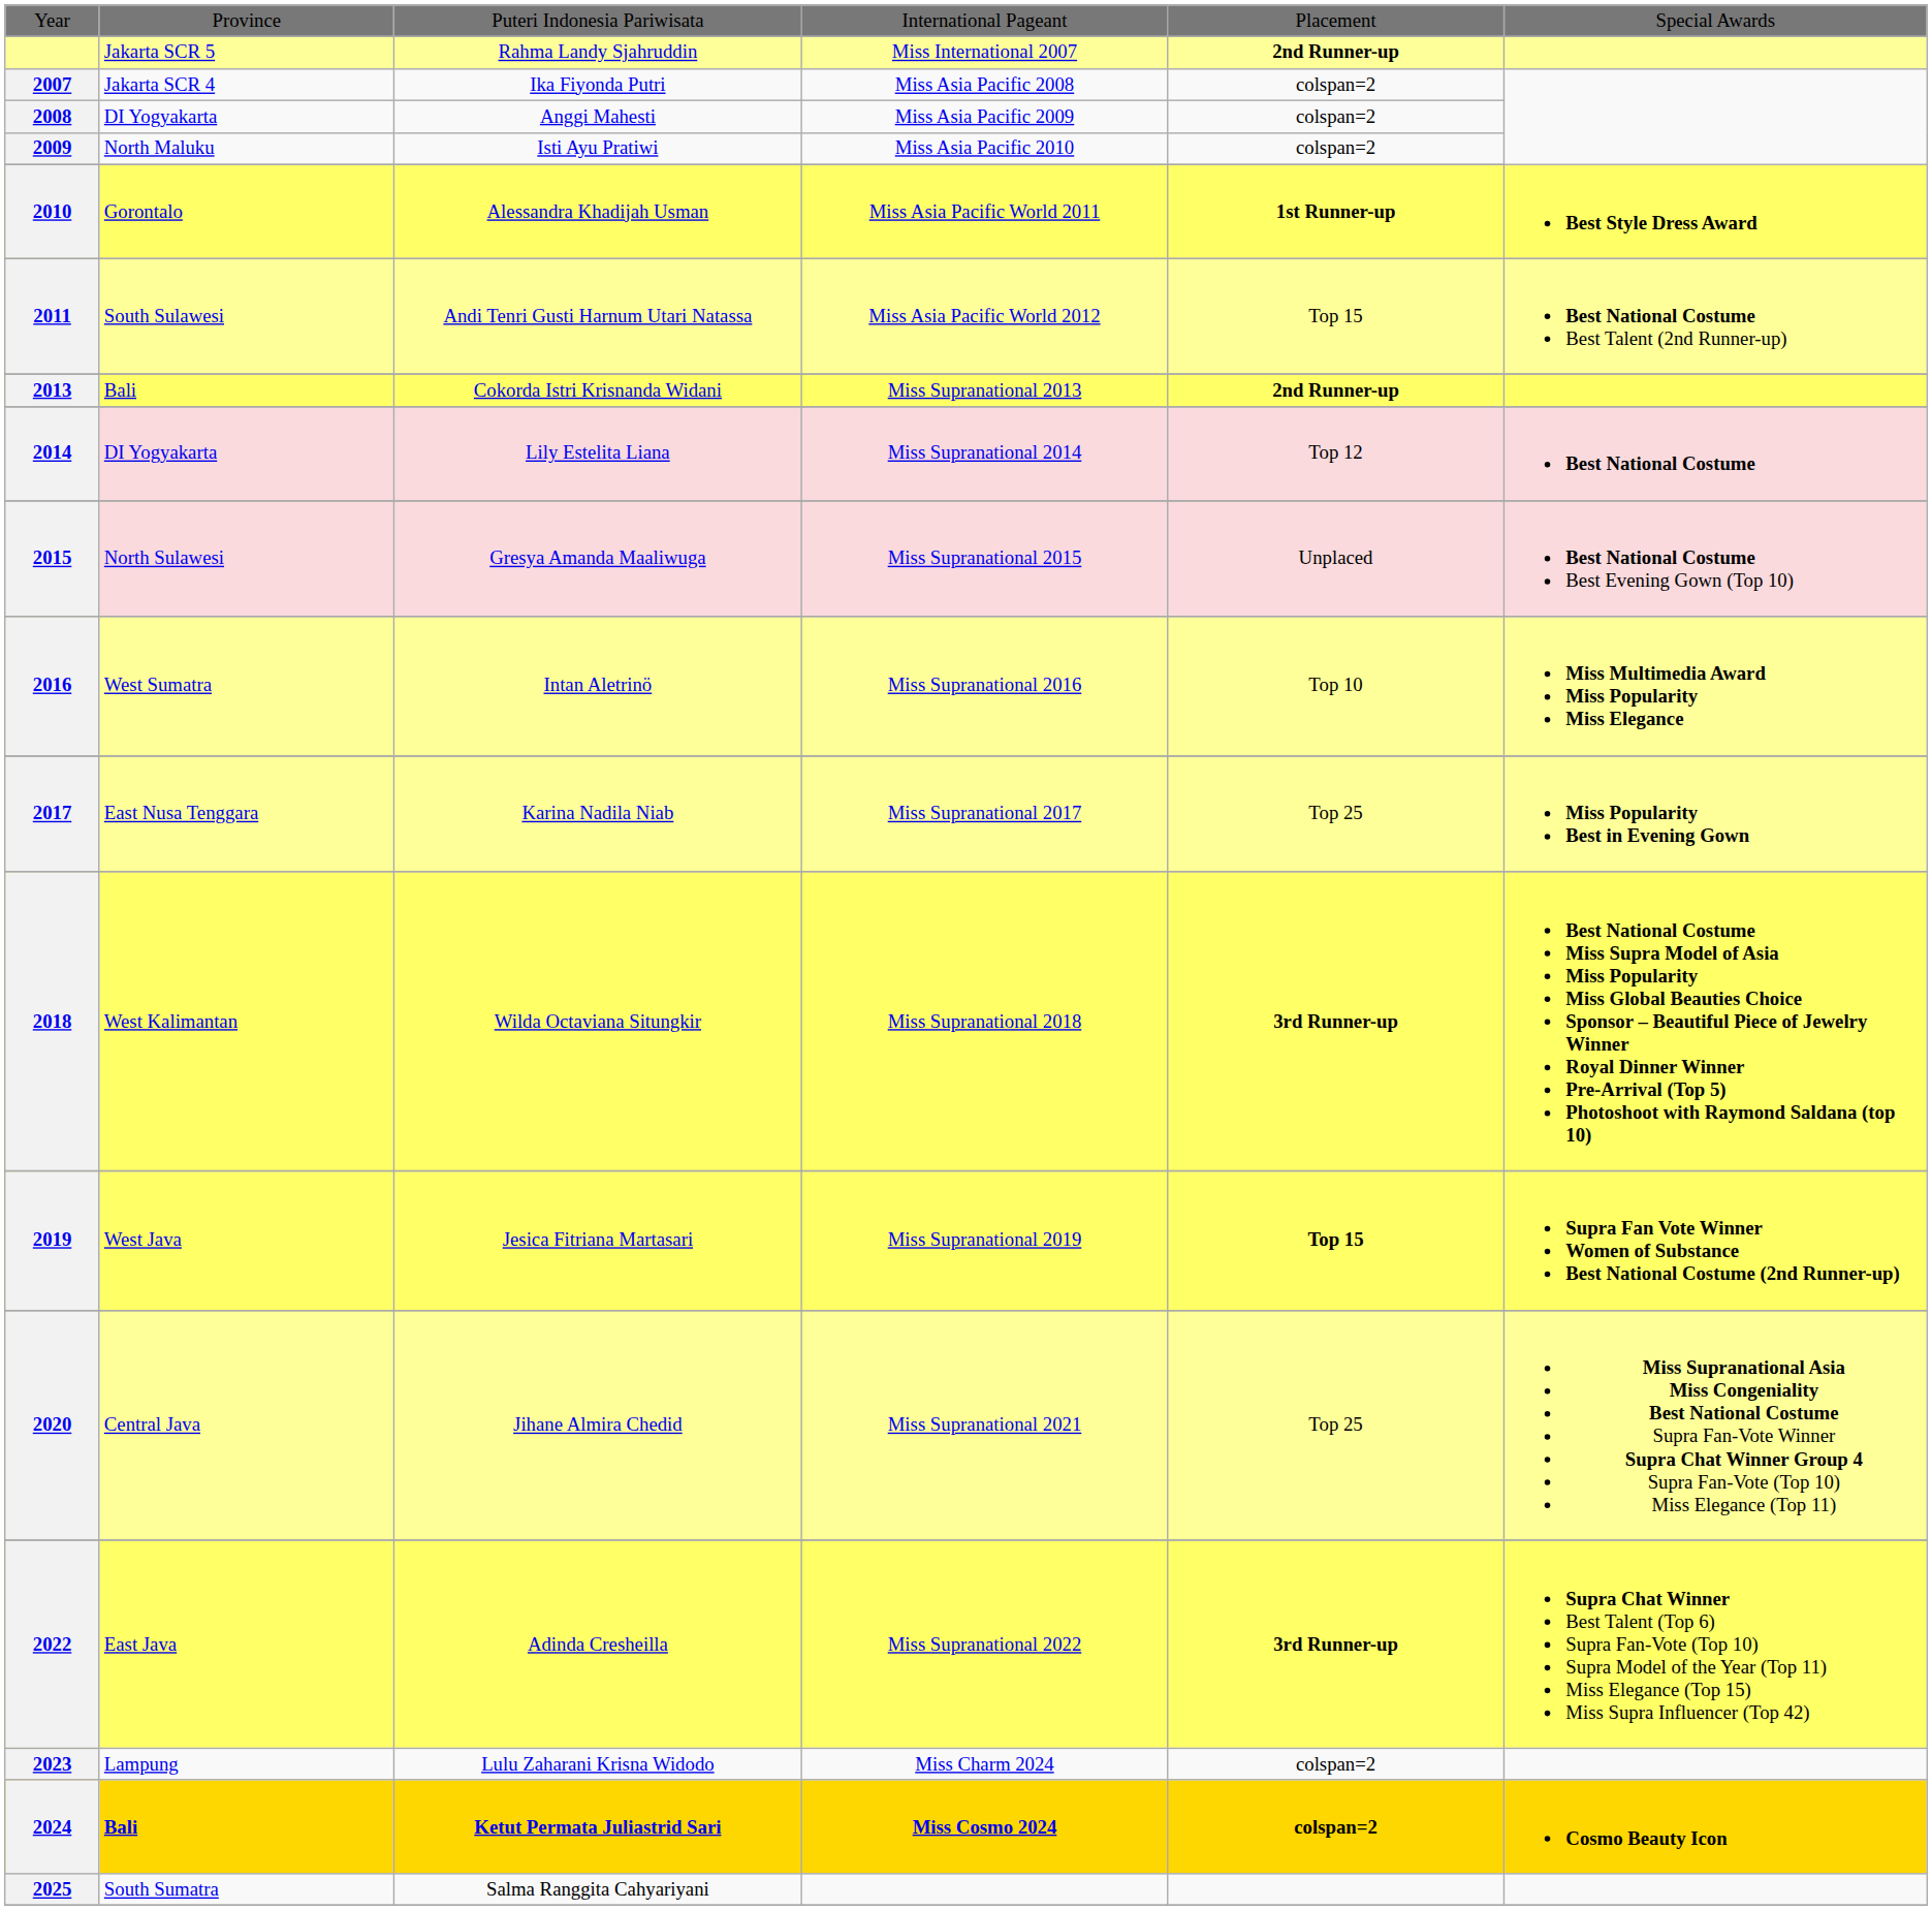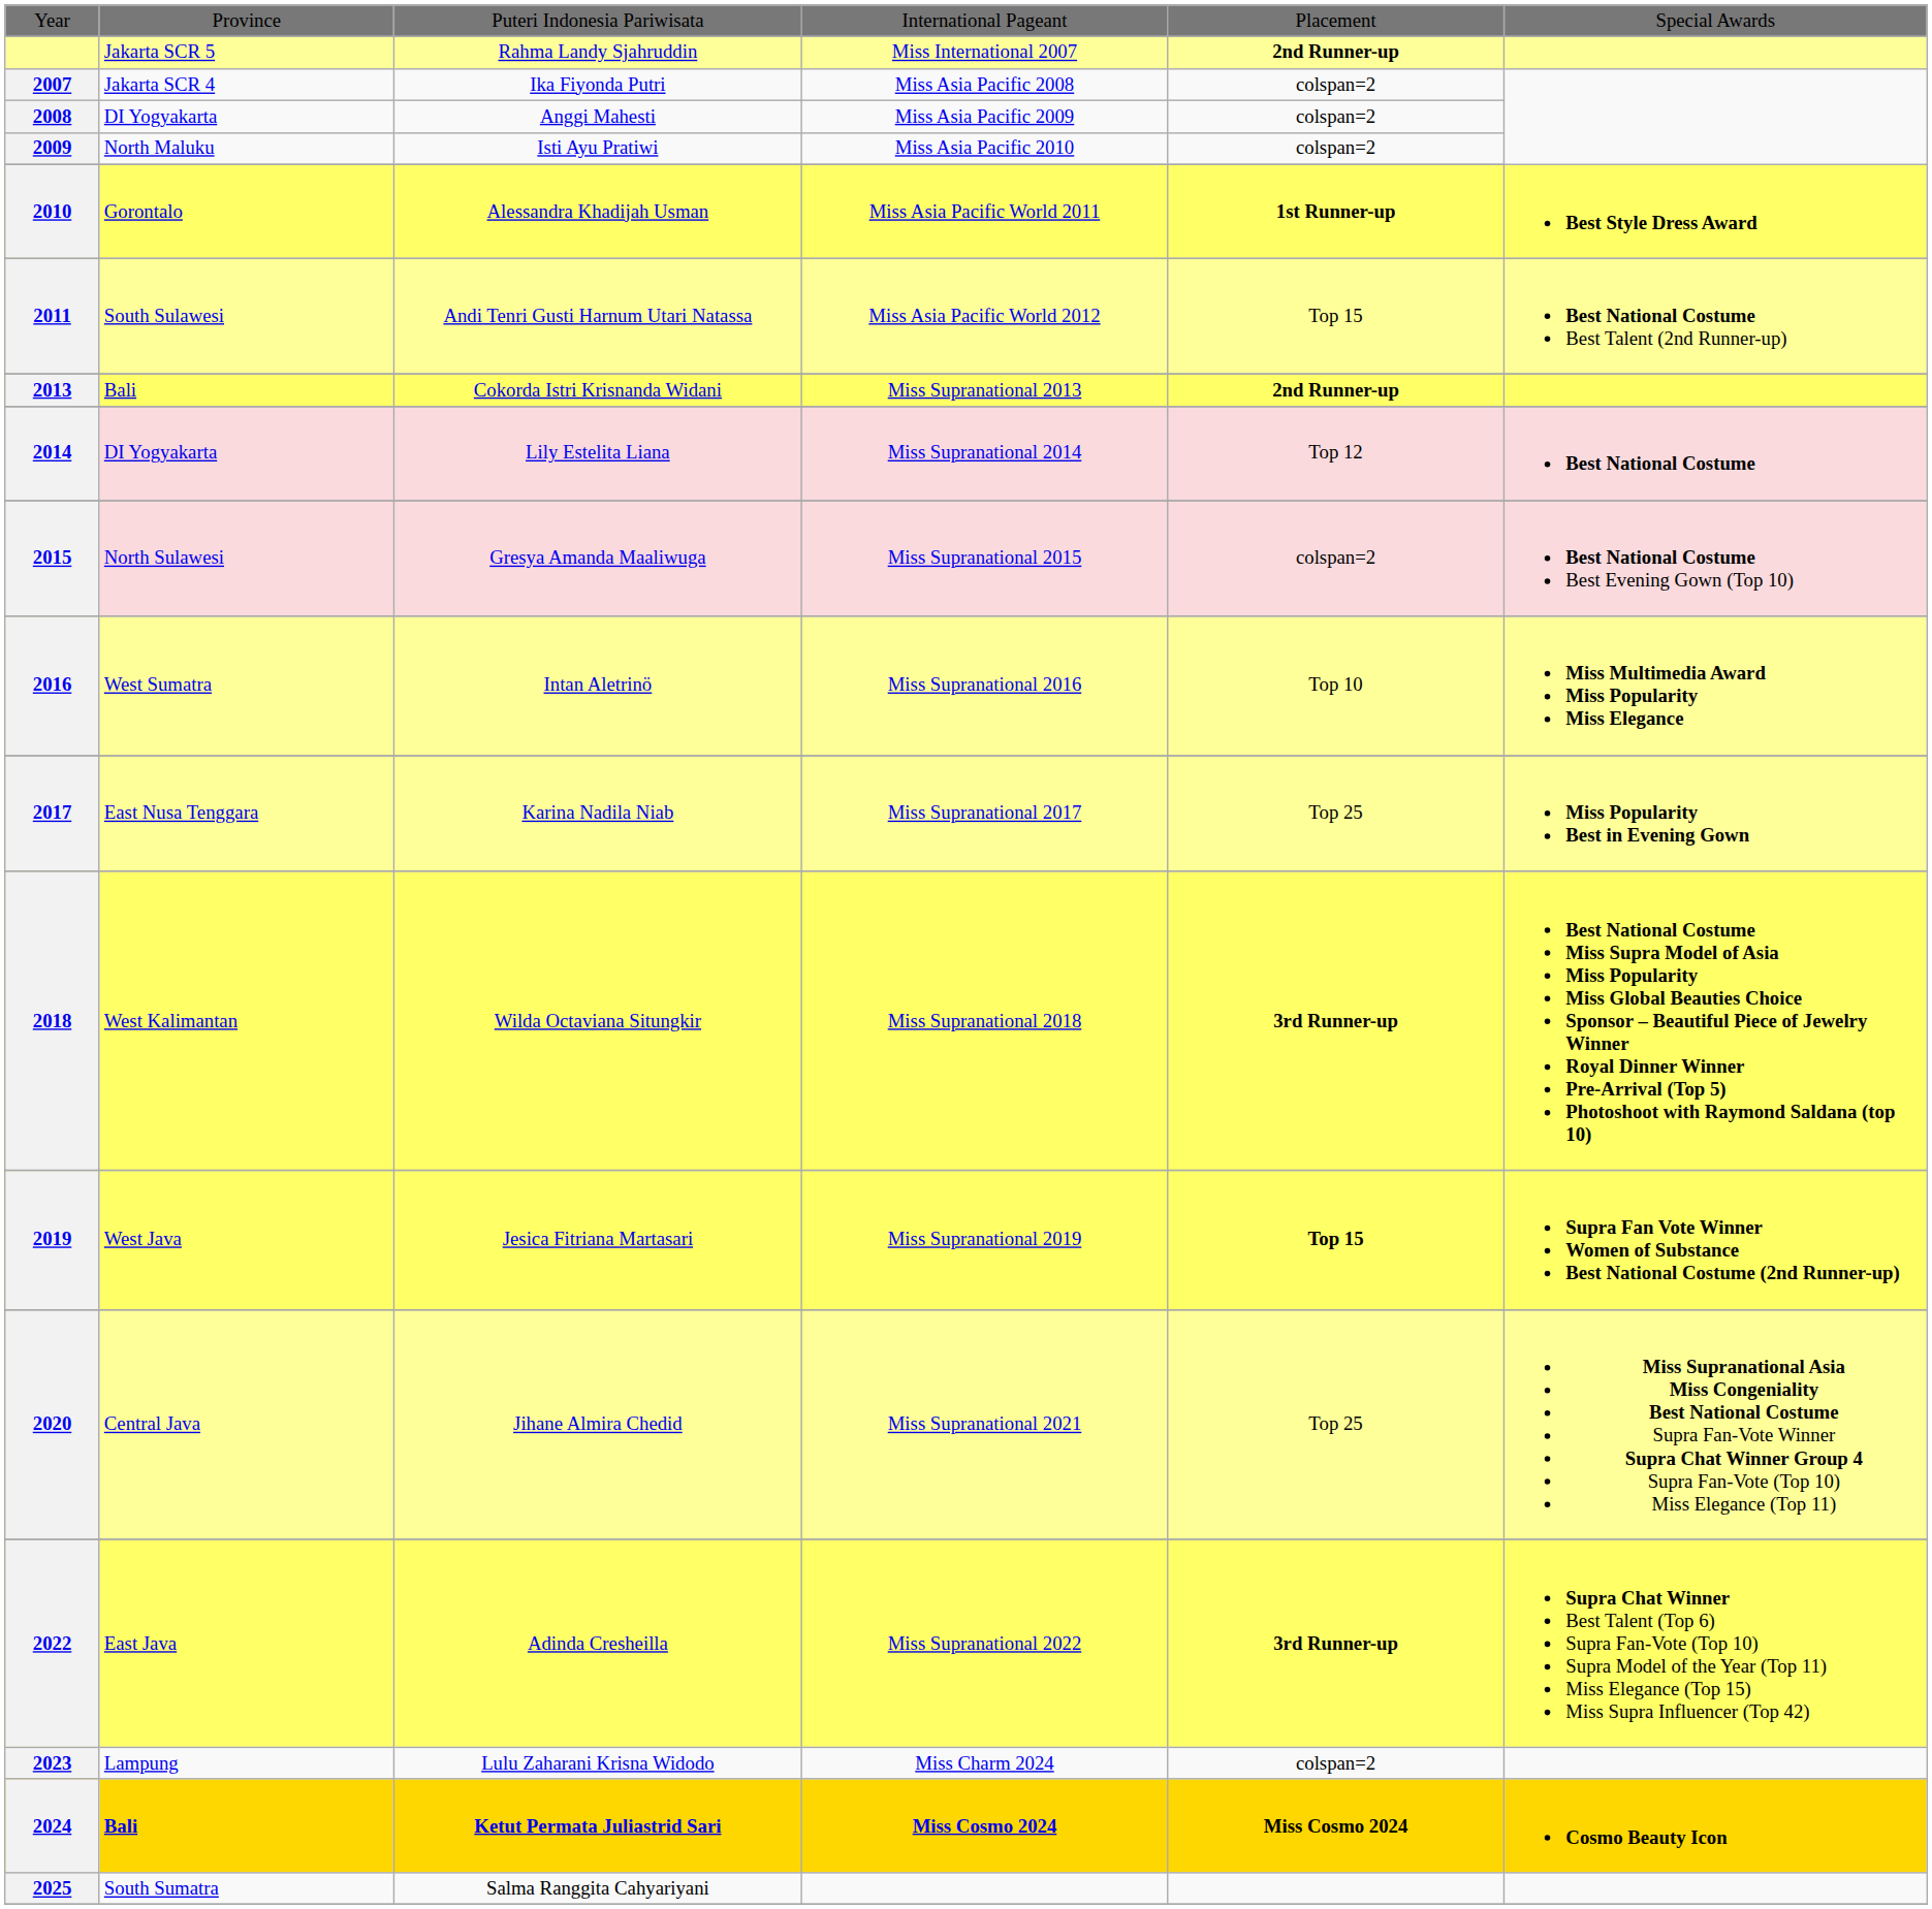 <table class="wikitable" style="font-size: 85%; text-align:center">
 <tr bgcolor="#787878" colspan=10 align="center">
 <td width="60"><span>Year</span></td>
 <td width="200"><span>Province</span></td>
 <td width="280"><span>Puteri Indonesia Pariwisata</span></td>
 <td width="250"><span>International Pageant</span></td>
 <td width="230"><span>Placement</span></td>
 <td width="290"><span>Special Awards</span></td>
 </tr>
 <tr style="background-color:#FFFF99; ">
 <td></td>
 <td align="left"><a href='#'>Jakarta SCR 5</a></td>
 <td><a href='#'>Rahma Landy Sjahruddin</a></td>
 <td><a href='#'>Miss International 2007</a></td>
 <td><strong>2nd Runner-up</strong></td>
 <td></td>
 </tr>
 <tr>
 <th><a href='#'>2007</a></th>
 <td align="left"><a href='#'>Jakarta SCR 4</a></td>
 <td><a href='#'>Ika Fiyonda Putri</a></td>
 <td><a href='#'>Miss Asia Pacific 2008</a></td>
 <td>colspan=2 </td>
 </tr>
 <tr>
 <th><a href='#'>2008</a></th>
 <td align="left"><a href='#'>DI Yogyakarta</a></td>
 <td><a href='#'>Anggi Mahesti</a></td>
 <td><a href='#'>Miss Asia Pacific 2009</a></td>
 <td>colspan=2 </td>
 </tr>
 <tr>
 <th><a href='#'>2009</a></th>
 <td align="left"><a href='#'>North Maluku</a></td>
 <td><a href='#'>Isti Ayu Pratiwi</a></td>
 <td><a href='#'>Miss Asia Pacific 2010</a></td>
 <td>colspan=2 </td>
 </tr>
 <tr>
 </tr>
 <tr styl>
 </tr>
 <tr style="background-color:#FFFF66; ">
 <th><a href='#'>2010</a></th>
 <td align="left"><a href='#'>Gorontalo</a></td>
 <td><a href='#'>Alessandra Khadijah Usman</a></td>
 <td><a href='#'>Miss Asia Pacific World 2011</a></td>
 <td><strong>1st Runner-up</strong></td>
 <td align="left"><br><ul><li><strong>Best Style Dress Award</strong></li></ul></td>
 </tr>
 <tr>
 </tr>
 <tr style="background-color:#FFFF99; ">
 <th><a href='#'>2011</a></th>
 <td align="left"><a href='#'>South Sulawesi</a></td>
 <td><a href='#'>Andi Tenri Gusti Harnum Utari Natassa</a></td>
 <td><a href='#'>Miss Asia Pacific World 2012</a></td>
 <td>Top 15</td>
 <td align="left"><br><ul><li><strong>Best National Costume</strong></li><li>Best Talent (2nd Runner-up)</li></ul></td>
 </tr>
 <tr>
 </tr>
 <tr style="background-color:#FFFF66; ">
 <th><a href='#'>2013</a></th>
 <td align="left"><a href='#'>Bali</a></td>
 <td><a href='#'>Cokorda Istri Krisnanda Widani</a></td>
 <td><a href='#'>Miss Supranational 2013</a></td>
 <td><strong>2nd Runner-up</strong></td>
 <td></td>
 </tr>
 <tr>
 </tr>
 <tr style="background-color:#FADADD; ">
 <th><a href='#'>2014</a></th>
 <td align="left"><a href='#'>DI Yogyakarta</a></td>
 <td><a href='#'>Lily Estelita Liana</a></td>
 <td><a href='#'>Miss Supranational 2014</a></td>
 <td>Top 12</td>
 <td align="left"><br><ul><li><strong>Best National Costume</strong></li></ul></td>
 </tr>
 <tr>
 </tr>
 <tr style="background-color:#FADADD; ">
 <th><a href='#'>2015</a></th>
 <td align="left"><a href='#'>North Sulawesi</a></td>
 <td><a href='#'>Gresya Amanda Maaliwuga</a></td>
 <td><a href='#'>Miss Supranational 2015</a></td>
-<td>Unplaced</td>
+<td>colspan=2 </td>
 <td align="left"><br><ul><li><strong>Best National Costume</strong></li><li>Best Evening Gown (Top 10)</li></ul></td>
 </tr>
 <tr>
 </tr>
 <tr style="background-color:#FFFF99; ">
 <th><a href='#'>2016</a></th>
 <td align="left"><a href='#'>West Sumatra</a></td>
 <td><a href='#'>Intan Aletrinö</a></td>
 <td><a href='#'>Miss Supranational 2016</a></td>
 <td>Top 10</td>
 <td align="left"><br><ul><li><strong>Miss Multimedia Award</strong></li><li><strong>Miss Popularity</strong></li><li><strong>Miss Elegance</strong></li></ul></td>
 </tr>
 <tr>
 </tr>
 <tr style="background-color:#FFFF99; ">
 <th><a href='#'>2017</a></th>
 <td align="left"><a href='#'>East Nusa Tenggara</a></td>
 <td><a href='#'>Karina Nadila Niab</a></td>
 <td><a href='#'>Miss Supranational 2017</a></td>
 <td>Top 25</td>
 <td align="left"><br><ul><li><strong>Miss Popularity</strong></li><li><strong>Best in Evening Gown</strong></li></ul></td>
 </tr>
 <tr>
 </tr>
 <tr style="background-color:#FFFF66; ">
 <th><a href='#'>2018</a></th>
 <td align="left"><a href='#'>West Kalimantan</a></td>
 <td><a href='#'>Wilda Octaviana Situngkir</a></td>
 <td><a href='#'>Miss Supranational 2018</a></td>
 <td><strong>3rd Runner-up</strong></td>
 <td align="left"><br><ul><li><strong>Best National Costume</strong></li><li><strong>Miss Supra Model of Asia</strong></li><li><strong>Miss Popularity</strong></li><li><strong>Miss Global Beauties Choice</strong></li><li><strong>Sponsor – Beautiful Piece of Jewelry Winner</strong></li><li><strong>Royal Dinner Winner</strong></li><li><strong>Pre-Arrival (Top 5)</strong></li><li><strong>Photoshoot with Raymond Saldana (top 10)</strong></li></ul></td>
 </tr>
 <tr>
 </tr>
 <tr style="background-color:#FFFF66;">
 <th><a href='#'>2019</a></th>
 <td align="left"><a href='#'>West Java</a></td>
 <td><a href='#'>Jesica Fitriana Martasari</a></td>
 <td><a href='#'>Miss Supranational 2019</a></td>
 <td><strong>Top 15</strong></td>
 <td align="left"><br><ul><li><strong>Supra Fan Vote Winner</strong></li><li><strong>Women of Substance</strong></li><li><strong>Best National Costume (2nd Runner-up)</strong></li></ul></td>
 </tr>
 <tr>
 </tr>
 <tr style="background-color:#FFFF99; ">
 <th><a href='#'>2020</a></th>
 <td align="left"><a href='#'>Central Java</a></td>
 <td><a href='#'>Jihane Almira Chedid</a></td>
 <td><a href='#'>Miss Supranational 2021</a></td>
 <td>Top 25</td>
 <td><br><ul><li><strong>Miss Supranational Asia</strong></li><li><strong>Miss Congeniality</strong></li><li><strong>Best National Costume</strong></li><li>Supra Fan-Vote Winner</li><li><strong>Supra Chat Winner Group 4</strong></li><li>Supra Fan-Vote (Top 10)</li><li>Miss Elegance (Top 11)</li></ul></td>
 </tr>
 <tr>
 </tr>
 <tr style="background-color:#FFFF66;">
 <th><a href='#'>2022</a></th>
 <td align="left"><a href='#'>East Java</a></td>
 <td><a href='#'>Adinda Cresheilla</a></td>
 <td><a href='#'>Miss Supranational 2022</a></td>
 <td><strong>3rd Runner-up</strong></td>
 <td align="left"><br><ul><li><strong>Supra Chat Winner</strong></li><li>Best Talent (Top 6)</li><li>Supra Fan-Vote (Top 10)</li><li>Supra Model of the Year (Top 11)</li><li>Miss Elegance (Top 15)</li><li>Miss Supra Influencer (Top 42)</li></ul></td>
 </tr>
 <tr>
 <th><a href='#'>2023</a></th>
 <td align="left"><a href='#'>Lampung</a></td>
 <td><a href='#'>Lulu Zaharani Krisna Widodo</a></td>
 <td><a href='#'>Miss Charm 2024</a></td>
 <td>colspan=2 </td>
 </tr>
 <tr style="background-color:gold; font-weight: bold ">
 <th><a href='#'>2024</a></th>
 <td align="left"><a href='#'>Bali</a></td>
 <td><a href='#'>Ketut Permata Juliastrid Sari</a></td>
 <td><a href='#'>Miss Cosmo 2024</a></td>
-<td>colspan=2 </td>
+<td>Miss Cosmo 2024</td>
 <td align="left"><br><ul><li>Cosmo Beauty Icon</li></ul></td>
 </tr>
 <tr>
 <th><a href='#'>2025</a></th>
 <td align="left"><a href='#'>South Sumatra</a></td>
 <td>Salma Ranggita Cahyariyani</td>
 <td></td>
 <td></td>
 <td></td>
 </tr>
 <tr>
 </tr>
 </table>
